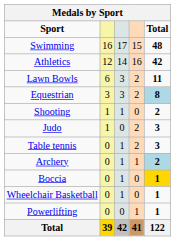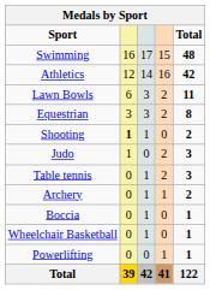 <table class="wikitable" style="font-size:95%">
 <tr style="background:#efefef;">
 <th colspan=5>Medals by Sport</th>
 </tr>
 <tr style="text-align:center;">
 <td><strong>Sport</strong></td>
 <td bgcolor=#f7f6a8></td>
 <td bgcolor=#dce5e5></td>
 <td bgcolor=#ffdab9></td>
 <td><strong>Total</strong></td>
 </tr>
 <tr style="text-align:center;">
 <td><a href='#'>Swimming</a></td>
 <td style="background:#F7F6A8;">16</td>
 <td style="background:#DCE5E5;">17</td>
 <td style="background:#FFDAB9;">15</td>
 <td><strong>48</strong></td>
 </tr>
 <tr style="text-align:center;">
 <td><a href='#'>Athletics</a></td>
 <td style="background:#F7F6A8;">12</td>
 <td style="background:#DCE5E5;">14</td>
 <td style="background:#FFDAB9;">16</td>
 <td><strong>42</strong></td>
 </tr>
 <tr style="text-align:center;">
 <td><a href='#'>Lawn Bowls</a></td>
 <td style="background:#F7F6A8;">6</td>
 <td style="background:#DCE5E5;">3</td>
 <td style="background:#FFDAB9;">2</td>
 <td><strong>11</strong></td>
 </tr>
 <tr style="text-align:center;">
 <td><a href='#'>Equestrian</a></td>
 <td style="background:#F7F6A8;">3</td>
 <td style="background:#DCE5E5;">3</td>
 <td style="background:#FFDAB9;">2</td>
-<td style="background: lightblue;"><strong>8</strong></td>
+<td><strong>8</strong></td>
 </tr>
 <tr style="text-align:center;">
 <td><a href='#'>Shooting</a></td>
-<td style="background:#F7F6A8;">1</td>
+<td style="background:#F7F6A8;"><strong>1</strong></td>
 <td style="background:#DCE5E5;">1</td>
 <td style="background:#FFDAB9;">0</td>
 <td><strong>2</strong></td>
 </tr>
 <tr style="text-align:center;">
 <td><a href='#'>Judo</a></td>
 <td style="background:#F7F6A8;">1</td>
 <td style="background:#DCE5E5;">0</td>
 <td style="background:#FFDAB9;">2</td>
 <td><strong>3</strong></td>
 </tr>
 <tr style="text-align:center;">
 <td><a href='#'>Table tennis</a></td>
 <td style="background:#F7F6A8;">0</td>
 <td style="background:#DCE5E5;">1</td>
 <td style="background:#FFDAB9;">2</td>
 <td><strong>3</strong></td>
 </tr>
 <tr style="text-align:center;">
 <td><a href='#'>Archery</a></td>
 <td style="background:#F7F6A8;">0</td>
 <td style="background:#DCE5E5;">1</td>
 <td style="background:#FFDAB9;">1</td>
-<td style="background: lightblue;"><strong>2</strong></td>
+<td><strong>2</strong></td>
 </tr>
 <tr style="text-align:center;">
 <td><a href='#'>Boccia</a></td>
 <td style="background:#F7F6A8;">0</td>
 <td style="background:#DCE5E5;">1</td>
 <td style="background:#FFDAB9;">0</td>
-<td style="background: gold;"><strong>1</strong></td>
+<td><strong>1</strong></td>
 </tr>
 <tr style="text-align:center;">
 <td><a href='#'>Wheelchair Basketball</a></td>
 <td style="background:#F7F6A8;">0</td>
 <td style="background:#DCE5E5;">1</td>
 <td style="background:#FFDAB9;">0</td>
 <td><strong>1</strong></td>
 </tr>
 <tr style="text-align:center;">
 <td><a href='#'>Powerlifting</a></td>
 <td style="background:#F7F6A8;">0</td>
 <td style="background:#DCE5E5;">0</td>
 <td style="background:#FFDAB9;">1</td>
 <td><strong>1</strong></td>
 </tr>
 <tr>
 <th><strong>Total</strong></th>
 <th style="background:gold;"><strong>39</strong></th>
 <th style="background:silver;"><strong>42</strong></th>
 <th style="background:#c96;"><strong>41</strong></th>
 <th><strong>122</strong></th>
 </tr>
 </table>
